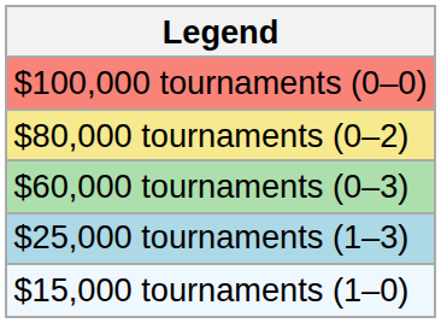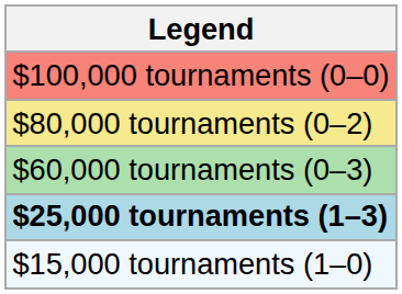 <table class="wikitable" style="font-size:85%">
 <tr>
 <th>Legend</th>
 </tr>
 <tr style="background:#f88379;">
 <td>$100,000 tournaments (0–0)</td>
 </tr>
 <tr style="background:#f7e98e;">
 <td>$80,000 tournaments (0–2)</td>
 </tr>
 <tr style="background:#addfad;">
 <td>$60,000 tournaments (0–3)</td>
 </tr>
 <tr style="background:lightblue;">
-<td>$25,000 tournaments (1–3)</td>
+<td><strong>$25,000 tournaments (1–3)</strong></td>
 </tr>
 <tr style="background:#f0f8ff;">
 <td>$15,000 tournaments (1–0)</td>
 </tr>
 </table>
